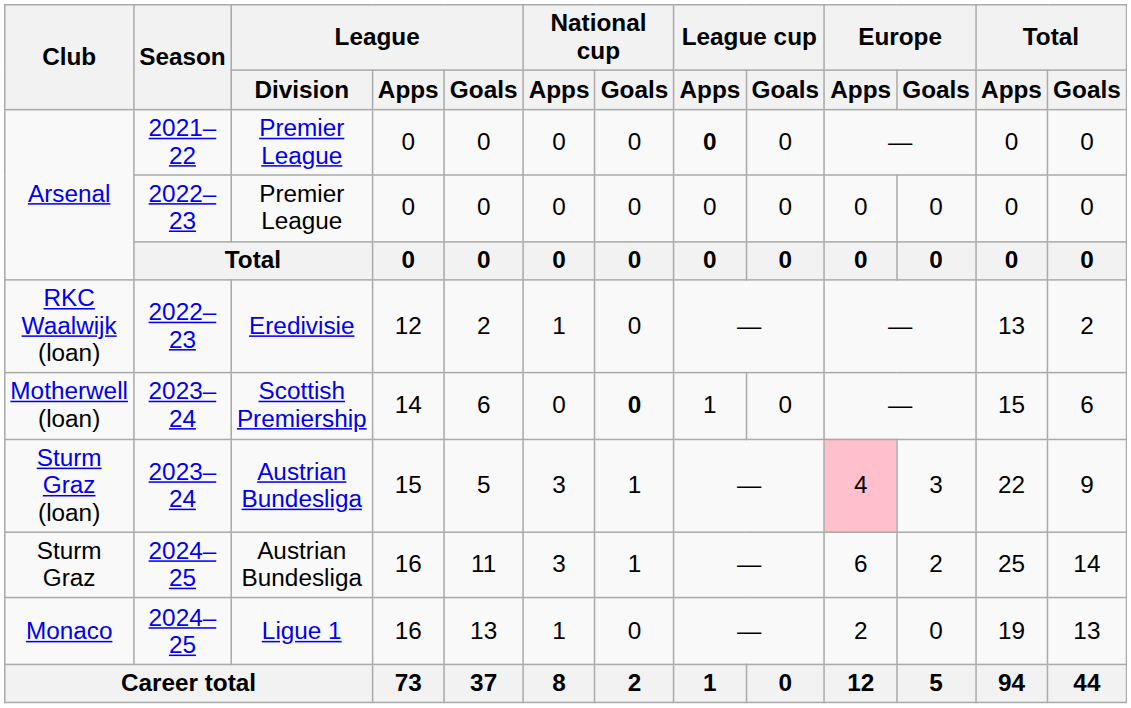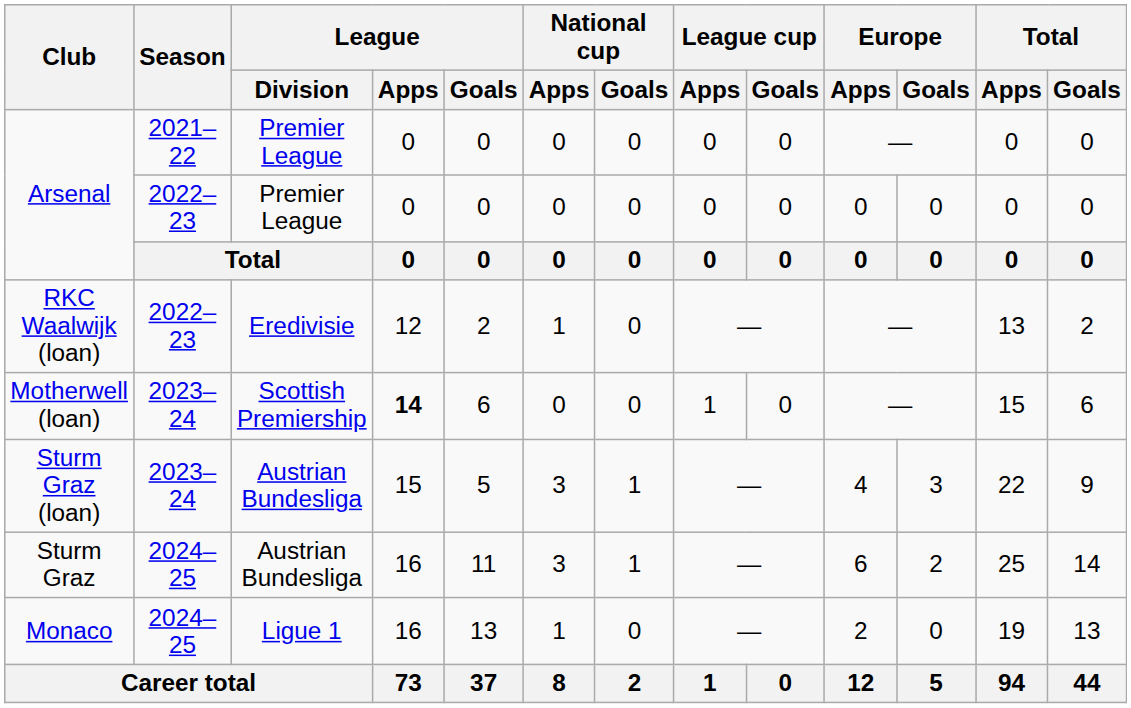 <table class="wikitable" style="text-align:center;">
 <tr>
 <th rowspan="2">Club</th>
 <th rowspan="2">Season</th>
 <th colspan="3">League</th>
 <th colspan="2">National cup</th>
 <th colspan="2">League cup</th>
 <th colspan="2">Europe</th>
 <th colspan="2">Total</th>
 </tr>
 <tr>
 <th>Division</th>
 <th>Apps</th>
 <th>Goals</th>
 <th>Apps</th>
 <th>Goals</th>
 <th>Apps</th>
 <th>Goals</th>
 <th>Apps</th>
 <th>Goals</th>
 <th>Apps</th>
 <th>Goals</th>
 </tr>
 <tr>
 <td rowspan="3"><a href='#'>Arsenal</a></td>
 <td><a href='#'>2021–22</a></td>
 <td><a href='#'>Premier League</a></td>
 <td>0</td>
 <td>0</td>
 <td>0</td>
 <td>0</td>
-<td><strong>0</strong></td>
+<td>0</td>
 <td>0</td>
 <td colspan="2">—</td>
 <td>0</td>
 <td>0</td>
 </tr>
 <tr>
 <td><a href='#'>2022–23</a></td>
 <td>Premier League</td>
 <td>0</td>
 <td>0</td>
 <td>0</td>
 <td>0</td>
 <td>0</td>
 <td>0</td>
 <td>0</td>
 <td>0</td>
 <td>0</td>
 <td>0</td>
 </tr>
 <tr>
 <th colspan="2">Total</th>
 <th>0</th>
 <th>0</th>
 <th>0</th>
 <th>0</th>
 <th>0</th>
 <th>0</th>
 <th>0</th>
 <th>0</th>
 <th>0</th>
 <th>0</th>
 </tr>
 <tr>
 <td><a href='#'>RKC Waalwijk</a> (loan)</td>
 <td><a href='#'>2022–23</a></td>
 <td><a href='#'>Eredivisie</a></td>
 <td>12</td>
 <td>2</td>
 <td>1</td>
 <td>0</td>
 <td colspan="2">—</td>
 <td colspan="2">—</td>
 <td>13</td>
 <td>2</td>
 </tr>
 <tr>
 <td><a href='#'>Motherwell</a> (loan)</td>
 <td><a href='#'>2023–24</a></td>
 <td><a href='#'>Scottish Premiership</a></td>
-<td>14</td>
+<td><strong>14</strong></td>
 <td>6</td>
 <td>0</td>
-<td><strong>0</strong></td>
+<td>0</td>
 <td>1</td>
 <td>0</td>
 <td colspan="2">—</td>
 <td>15</td>
 <td>6</td>
 </tr>
 <tr>
 <td><a href='#'>Sturm Graz</a> (loan)</td>
 <td><a href='#'>2023–24</a></td>
 <td><a href='#'>Austrian Bundesliga</a></td>
 <td>15</td>
 <td>5</td>
 <td>3</td>
 <td>1</td>
 <td colspan="2">—</td>
-<td style="background: pink;">4</td>
+<td>4</td>
 <td>3</td>
 <td>22</td>
 <td>9</td>
 </tr>
 <tr>
 <td>Sturm Graz</td>
 <td><a href='#'>2024–25</a></td>
 <td>Austrian Bundesliga</td>
 <td>16</td>
 <td>11</td>
 <td>3</td>
 <td>1</td>
 <td colspan="2">—</td>
 <td>6</td>
 <td>2</td>
 <td>25</td>
 <td>14</td>
 </tr>
 <tr>
 <td><a href='#'>Monaco</a></td>
 <td><a href='#'>2024–25</a></td>
 <td><a href='#'>Ligue 1</a></td>
 <td>16</td>
 <td>13</td>
 <td>1</td>
 <td>0</td>
 <td colspan="2">—</td>
 <td>2</td>
 <td>0</td>
 <td>19</td>
 <td>13</td>
 </tr>
 <tr>
 <th colspan="3">Career total</th>
 <th>73</th>
 <th>37</th>
 <th>8</th>
 <th>2</th>
 <th>1</th>
 <th>0</th>
 <th>12</th>
 <th>5</th>
 <th>94</th>
 <th>44</th>
 </tr>
 </table>
